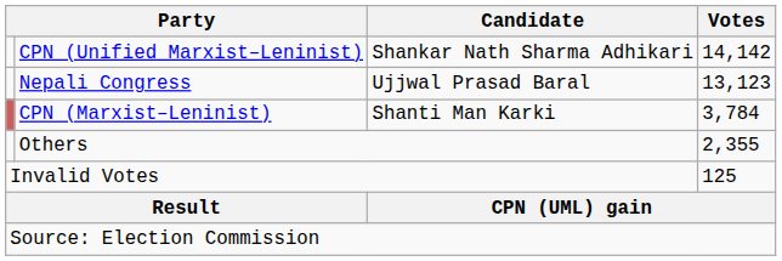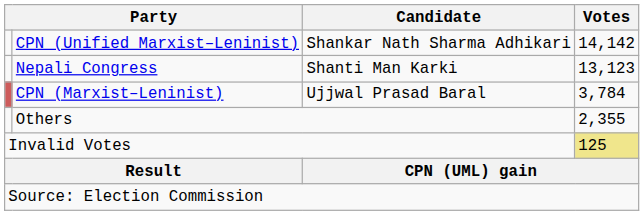 <table class="wikitable">
 <tr>
 <th colspan="2">Party</th>
 <th>Candidate</th>
 <th>Votes</th>
 </tr>
 <tr>
 <td style="background-color:"></td>
 <td><a href='#'>CPN (Unified Marxist–Leninist)</a></td>
 <td>Shankar Nath Sharma Adhikari</td>
 <td>14,142</td>
 </tr>
 <tr>
 <td style="background-color:"></td>
 <td><a href='#'>Nepali Congress</a></td>
-<td>Ujjwal Prasad Baral</td>
+<td>Shanti Man Karki</td>
 <td>13,123</td>
 </tr>
 <tr>
 <td style="background-color:indianred"></td>
 <td><a href='#'>CPN (Marxist–Leninist)</a></td>
-<td>Shanti Man Karki</td>
+<td>Ujjwal Prasad Baral</td>
 <td>3,784</td>
 </tr>
 <tr>
 <td></td>
 <td colspan="2">Others</td>
 <td>2,355</td>
 </tr>
 <tr>
 <td colspan="3">Invalid Votes</td>
-<td>125</td>
+<td style="background: khaki;">125</td>
 </tr>
 <tr>
 <th colspan="2">Result</th>
 <th colspan="2">CPN (UML) gain</th>
 </tr>
 <tr>
 <td colspan="4">Source: Election Commission</td>
 </tr>
 </table>
